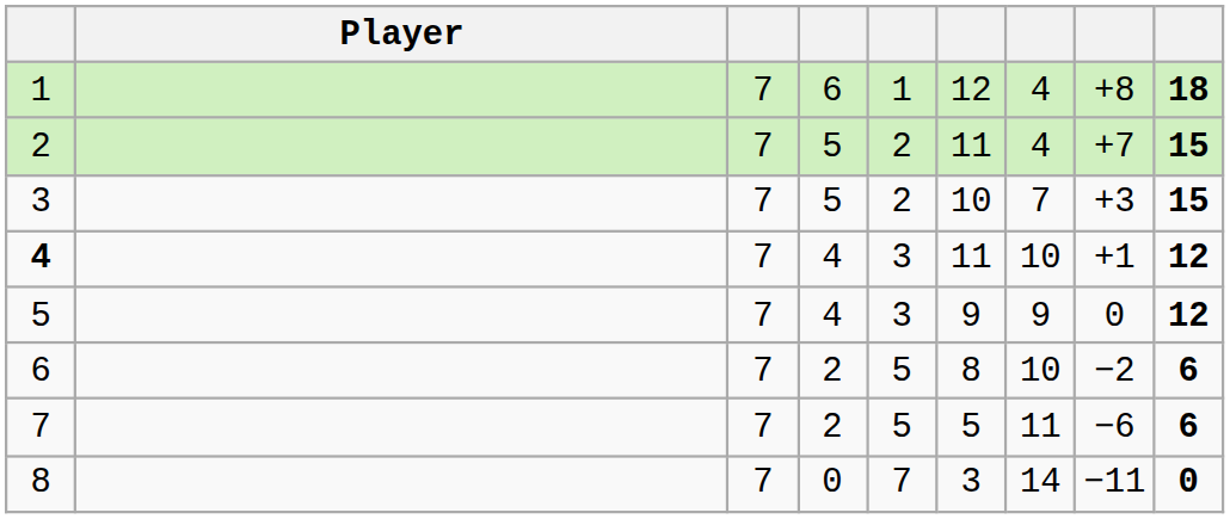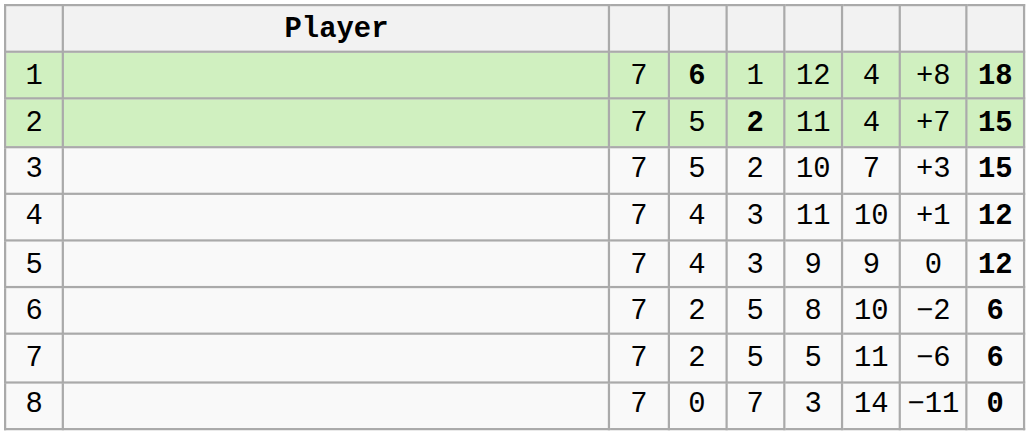 <table class="wikitable" style="text-align:center; margin: 1em auto 1em auto, align:left">
 <tr>
 <th width=20></th>
 <th width=240>Player</th>
 <th width=20></th>
 <th width=20></th>
 <th width=20></th>
 <th width=20></th>
 <th width=20></th>
 <th width=20></th>
 <th width=20></th>
 </tr>
 <tr style="background:#D0F0C0;">
 <td>1</td>
 <td align=left></td>
 <td>7</td>
-<td>6</td>
+<td><strong>6</strong></td>
 <td>1</td>
 <td>12</td>
 <td>4</td>
 <td>+8</td>
 <td><strong>18</strong></td>
 </tr>
 <tr style="background:#D0F0C0;">
 <td>2</td>
 <td align=left></td>
 <td>7</td>
 <td>5</td>
-<td>2</td>
+<td><strong>2</strong></td>
 <td>11</td>
 <td>4</td>
 <td>+7</td>
 <td><strong>15</strong></td>
 </tr>
 <tr style=>
 <td>3</td>
 <td align=left></td>
 <td>7</td>
 <td>5</td>
 <td>2</td>
 <td>10</td>
 <td>7</td>
 <td>+3</td>
 <td><strong>15</strong></td>
 </tr>
 <tr style=>
-<td><strong>4</strong></td>
+<td>4</td>
 <td align=left></td>
 <td>7</td>
 <td>4</td>
 <td>3</td>
 <td>11</td>
 <td>10</td>
 <td>+1</td>
 <td><strong>12</strong></td>
 </tr>
 <tr style=>
 <td>5</td>
 <td align=left></td>
 <td>7</td>
 <td>4</td>
 <td>3</td>
 <td>9</td>
 <td>9</td>
 <td>0</td>
 <td><strong>12</strong></td>
 </tr>
 <tr style=>
 <td>6</td>
 <td align=left></td>
 <td>7</td>
 <td>2</td>
 <td>5</td>
 <td>8</td>
 <td>10</td>
 <td>−2</td>
 <td><strong>6</strong></td>
 </tr>
 <tr style=>
 <td>7</td>
 <td align=left></td>
 <td>7</td>
 <td>2</td>
 <td>5</td>
 <td>5</td>
 <td>11</td>
 <td>−6</td>
 <td><strong>6</strong></td>
 </tr>
 <tr style=>
 <td>8</td>
 <td align=left></td>
 <td>7</td>
 <td>0</td>
 <td>7</td>
 <td>3</td>
 <td>14</td>
 <td>−11</td>
 <td><strong>0</strong></td>
 </tr>
 </table>
